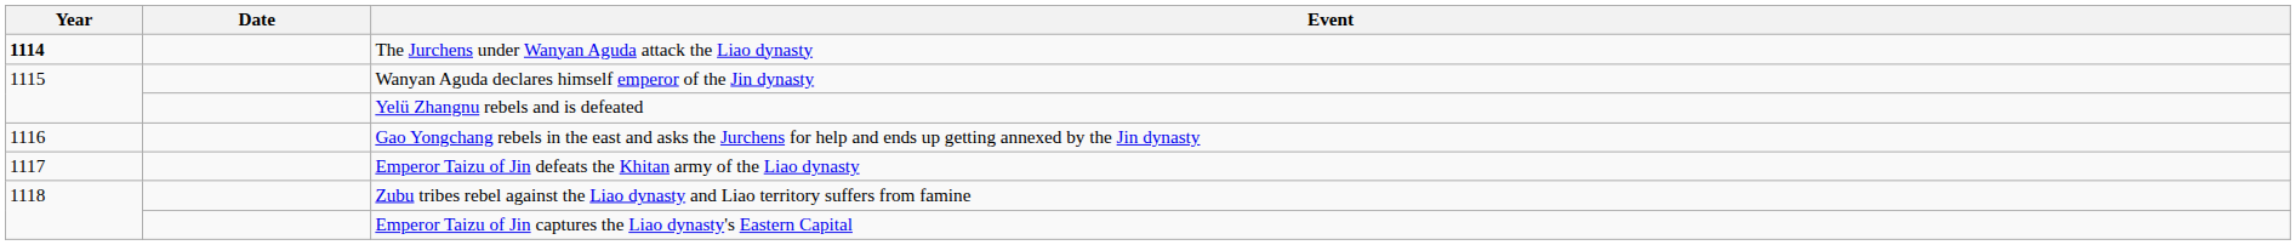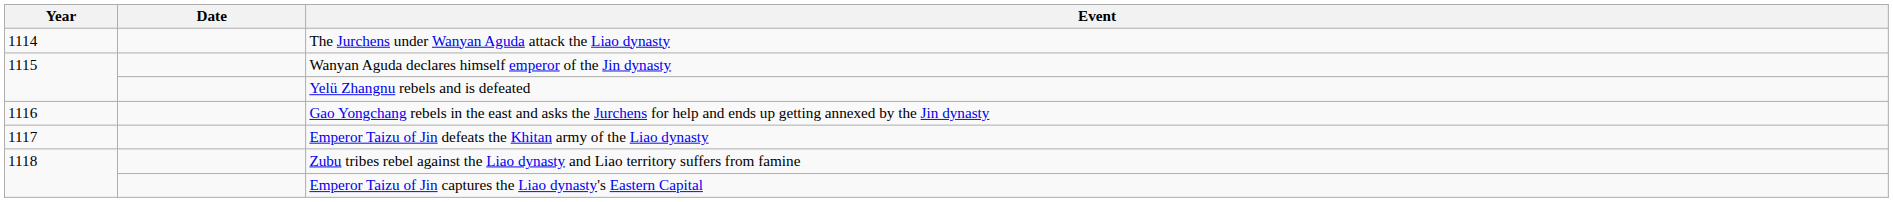 <table class="wikitable" width="100%">
 <tr>
 <th style="width:6%">Year</th>
 <th style="width:10%">Date</th>
 <th>Event</th>
 </tr>
 <tr>
-<td><strong>1114</strong></td>
+<td>1114</td>
 <td></td>
 <td>The <a href='#'>Jurchens</a> under <a href='#'>Wanyan Aguda</a> attack the <a href='#'>Liao dynasty</a></td>
 </tr>
 <tr>
 <td rowspan="2" valign="top">1115</td>
 <td></td>
 <td>Wanyan Aguda declares himself <a href='#'>emperor</a> of the <a href='#'>Jin dynasty</a></td>
 </tr>
 <tr>
 <td></td>
 <td><a href='#'>Yelü Zhangnu</a> rebels and is defeated</td>
 </tr>
 <tr>
 <td>1116</td>
 <td></td>
 <td><a href='#'>Gao Yongchang</a> rebels in the east and asks the <a href='#'>Jurchens</a> for help and ends up getting annexed by the <a href='#'>Jin dynasty</a></td>
 </tr>
 <tr>
 <td>1117</td>
 <td></td>
 <td><a href='#'>Emperor Taizu of Jin</a> defeats the <a href='#'>Khitan</a> army of the <a href='#'>Liao dynasty</a></td>
 </tr>
 <tr>
 <td rowspan="2" valign="top">1118</td>
 <td></td>
 <td><a href='#'>Zubu</a> tribes rebel against the <a href='#'>Liao dynasty</a> and Liao territory suffers from famine</td>
 </tr>
 <tr>
 <td></td>
 <td><a href='#'>Emperor Taizu of Jin</a> captures the <a href='#'>Liao dynasty</a>'s <a href='#'>Eastern Capital</a></td>
 </tr>
 </table>
